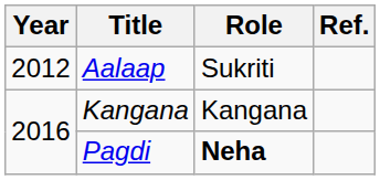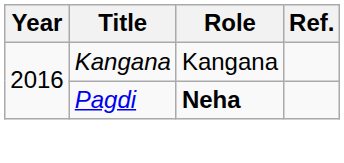 <table class="wikitable">
 <tr>
 <th>Year</th>
 <th>Title</th>
 <th>Role</th>
 <th>Ref.</th>
-</tr>
-<tr>
-<td>2012</td>
-<td><em><a href='#'>Aalaap</a></em></td>
-<td>Sukriti</td>
-<td></td>
 </tr>
 <tr>
 <td rowspan="2">2016</td>
 <td><em>Kangana</em></td>
 <td>Kangana</td>
 <td></td>
 </tr>
 <tr>
 <td><em><a href='#'>Pagdi</a></em></td>
 <td><strong>Neha</strong></td>
 <td></td>
 </tr>
 </table>
